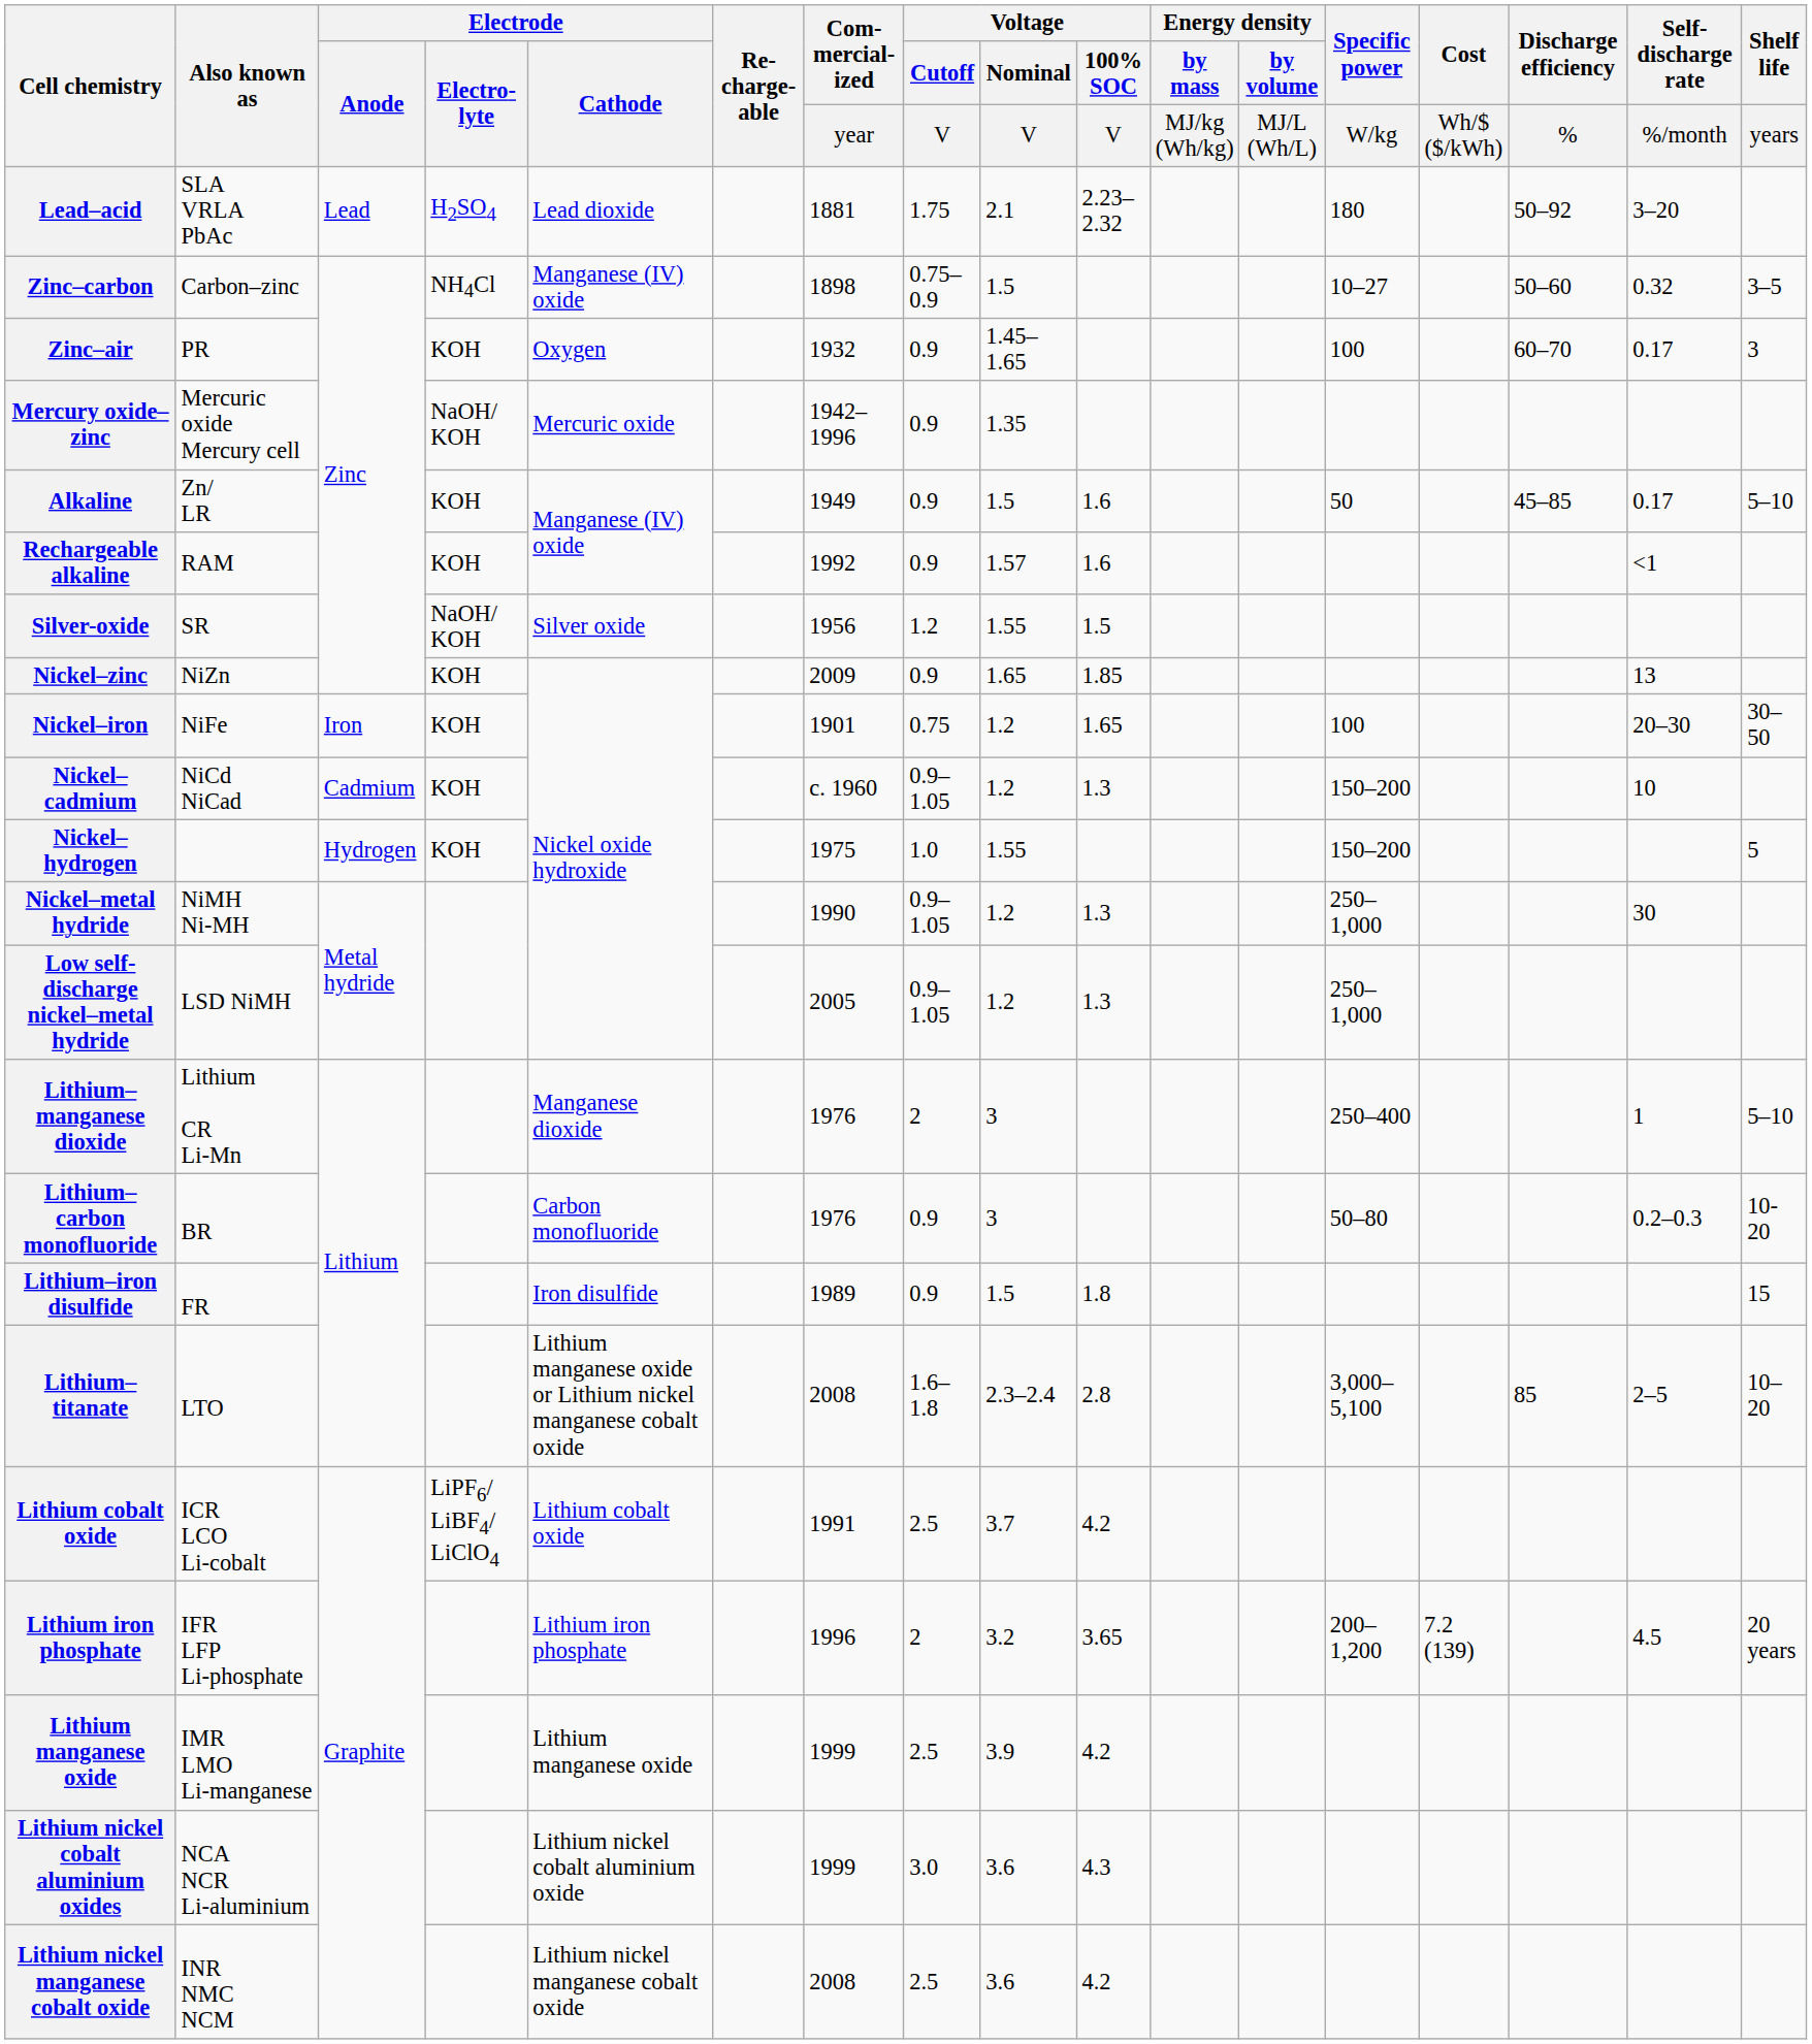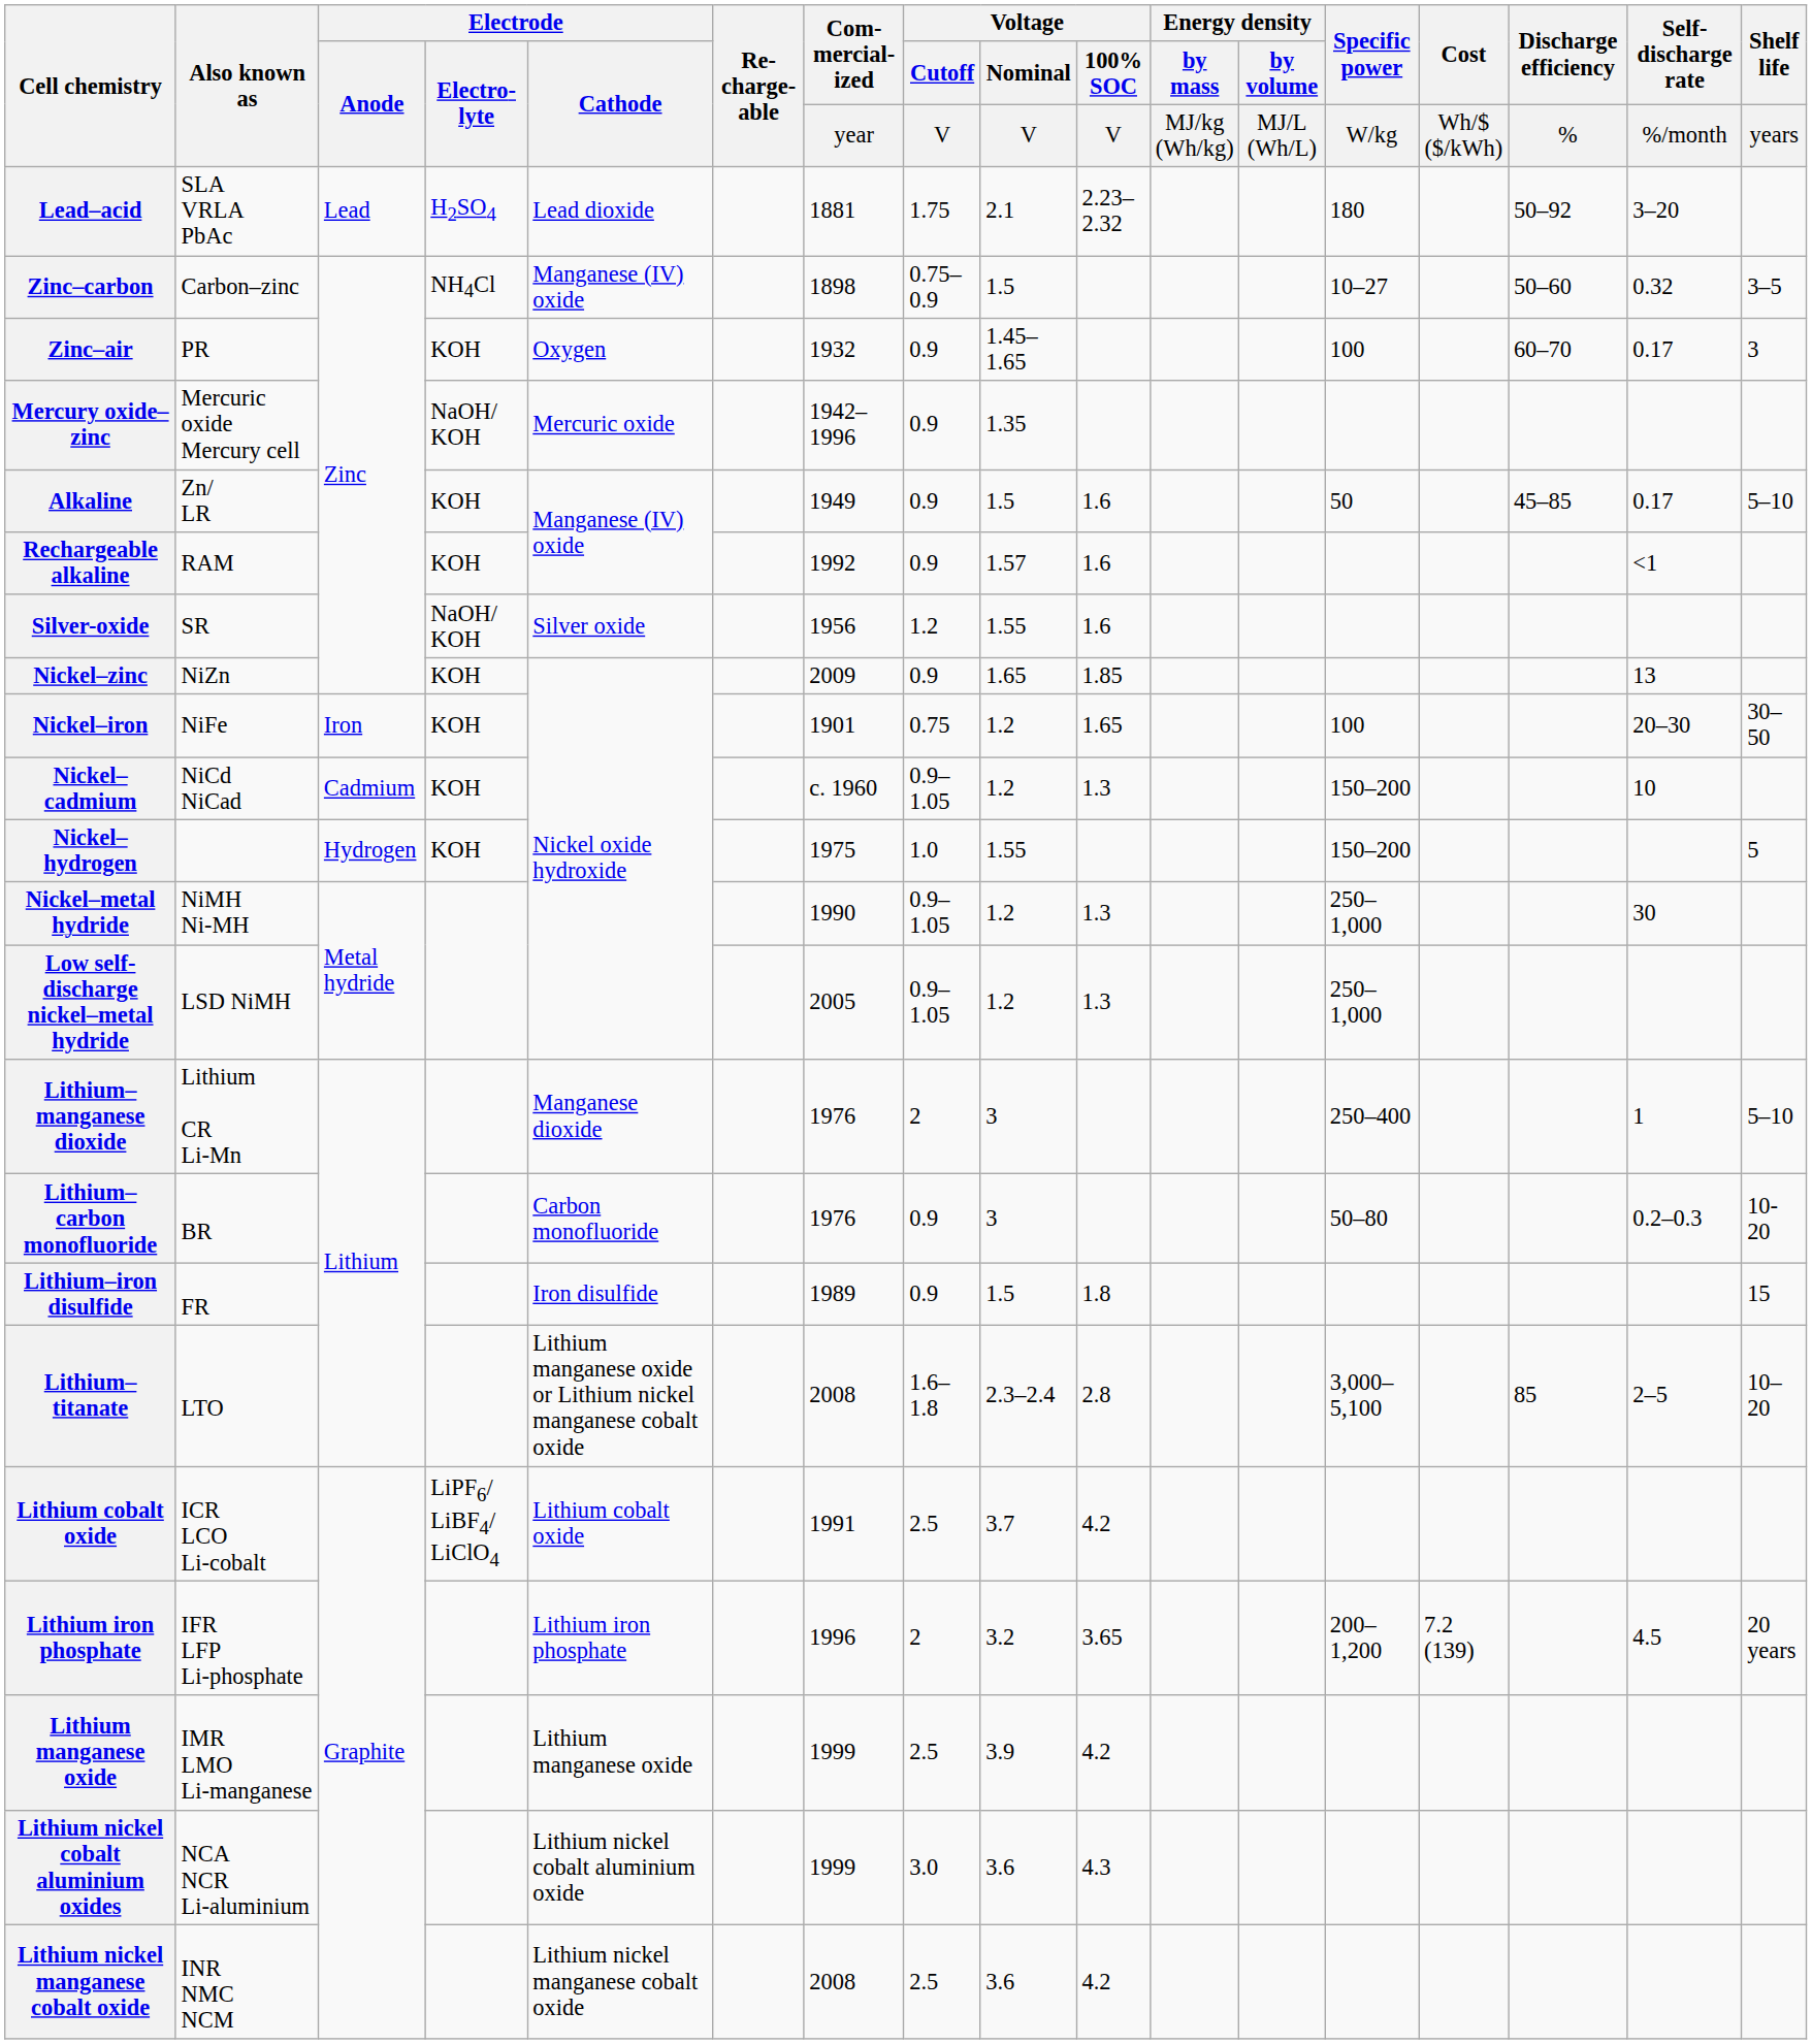 <table class="wikitable sortable sticky-header-multi">
 <tr>
 <th rowspan="3">Cell chemistry</th>
 <th rowspan="3">Also known as</th>
 <th colspan="3"><a href='#'>Electrode</a></th>
 <th rowspan="3">Re­charge­able</th>
 <th rowspan="2">Com­mercial­ized</th>
 <th colspan="3">Voltage</th>
 <th colspan="2">Energy density</th>
 <th rowspan="2"><a href='#'>Specific power</a></th>
 <th rowspan="2">Cost</th>
 <th rowspan="2">Discharge efficiency</th>
 <th rowspan="2">Self-discharge rate</th>
 <th rowspan="2">Shelf life</th>
 </tr>
 <tr>
 <th rowspan="2"><a href='#'>Anode</a></th>
 <th rowspan="2"><a href='#'>Electro­lyte</a></th>
 <th rowspan="2"><a href='#'>Cathode</a></th>
 <th><a href='#'>Cutoff</a></th>
 <th>Nominal</th>
 <th>100% <a href='#'>SOC</a></th>
 <th><a href='#'>by mass</a></th>
 <th><a href='#'>by volume</a></th>
 </tr>
 <tr>
 <th style="font-weight: normal" data-sort-type="numeric">year</th>
 <th style="font-weight: normal" data-sort-type="numeric">V</th>
 <th style="font-weight: normal" data-sort-type="numeric">V</th>
 <th style="font-weight: normal" data-sort-type="numeric">V</th>
 <th style="font-weight: normal" data-sort-type="numeric">MJ/kg <br> (Wh/kg)</th>
 <th style="font-weight: normal" data-sort-type="numeric">MJ/L <br> (Wh/L)</th>
 <th style="font-weight: normal" data-sort-type="numeric">W/kg</th>
 <th style="font-weight: normal" data-sort-type="numeric">Wh/$ <br> ($/kWh)</th>
 <th style="font-weight: normal" data-sort-type="numeric">%</th>
 <th style="font-weight: normal" data-sort-type="numeric">%/month</th>
 <th style="font-weight: normal" data-sort-type="numeric">years</th>
 </tr>
 <tr>
 <th><a href='#'>Lead–acid</a></th>
 <td>SLA<br>VRLA<br>PbAc</td>
 <td><a href='#'>Lead</a></td>
 <td><a href='#'>H<sub>2</sub>SO<sub>4</sub></a></td>
 <td><a href='#'>Lead dioxide</a></td>
 <td></td>
 <td>1881</td>
 <td>1.75</td>
 <td>2.1</td>
 <td>2.23–2.32</td>
 <td></td>
 <td></td>
 <td>180</td>
 <td></td>
 <td>50–92</td>
 <td>3–20</td>
 <td></td>
 </tr>
 <tr>
 <th><a href='#'>Zinc–carbon</a></th>
 <td>Carbon–zinc</td>
 <td rowspan="7"><a href='#'>Zinc</a></td>
 <td>NH<sub>4</sub>Cl</td>
 <td><a href='#'>Manganese (IV) oxide</a></td>
 <td></td>
 <td>1898</td>
 <td>0.75–0.9</td>
 <td>1.5</td>
 <td></td>
 <td></td>
 <td></td>
 <td>10–27</td>
 <td></td>
 <td>50–60</td>
 <td>0.32</td>
 <td>3–5</td>
 </tr>
 <tr>
 <th><a href='#'>Zinc–air</a></th>
 <td>PR</td>
 <td>KOH</td>
 <td><a href='#'>Oxygen</a></td>
 <td></td>
 <td>1932</td>
 <td>0.9</td>
 <td>1.45–1.65</td>
 <td></td>
 <td></td>
 <td></td>
 <td>100</td>
 <td></td>
 <td>60–70</td>
 <td>0.17</td>
 <td>3</td>
 </tr>
 <tr>
 <th><a href='#'>Mercury oxide–zinc</a></th>
 <td>Mercuric oxide<br>Mercury cell</td>
 <td>NaOH/ KOH</td>
 <td><a href='#'>Mercuric oxide</a></td>
 <td></td>
 <td>1942– 1996</td>
 <td>0.9</td>
 <td>1.35</td>
 <td></td>
 <td></td>
 <td></td>
 <td></td>
 <td></td>
 <td></td>
 <td></td>
 <td></td>
 </tr>
 <tr>
 <th><a href='#'>Alkaline</a></th>
 <td>Zn/<br>LR</td>
 <td>KOH</td>
 <td rowspan="2"><a href='#'>Manganese (IV) oxide</a></td>
 <td></td>
 <td>1949</td>
 <td>0.9</td>
 <td>1.5</td>
 <td>1.6</td>
 <td></td>
 <td></td>
 <td>50</td>
 <td></td>
 <td>45–85</td>
 <td>0.17</td>
 <td>5–10</td>
 </tr>
 <tr>
 <th><a href='#'>Rechargeable alkaline</a></th>
 <td>RAM</td>
 <td>KOH</td>
 <td></td>
 <td>1992</td>
 <td>0.9</td>
 <td>1.57</td>
 <td>1.6</td>
 <td></td>
 <td></td>
 <td></td>
 <td></td>
 <td></td>
 <td> <1</td>
 <td></td>
 </tr>
 <tr>
 <th><a href='#'>Silver-oxide</a></th>
 <td>SR</td>
 <td>NaOH/ KOH</td>
 <td><a href='#'>Silver oxide</a></td>
 <td></td>
 <td>1956</td>
 <td>1.2</td>
 <td>1.55</td>
-<td>1.5</td>
+<td>1.6</td>
 <td></td>
 <td></td>
 <td></td>
 <td></td>
 <td></td>
 <td></td>
 <td></td>
 </tr>
 <tr>
 <th><a href='#'>Nickel–zinc</a></th>
 <td>NiZn</td>
 <td>KOH</td>
 <td rowspan="6"><a href='#'>Nickel oxide hydroxide</a></td>
 <td></td>
 <td>2009</td>
 <td>0.9</td>
 <td>1.65</td>
 <td>1.85</td>
 <td></td>
 <td></td>
 <td></td>
 <td></td>
 <td></td>
 <td>13</td>
 <td></td>
 </tr>
 <tr>
 <th><a href='#'>Nickel–iron</a></th>
 <td>NiFe</td>
 <td><a href='#'>Iron</a></td>
 <td>KOH</td>
 <td></td>
 <td>1901</td>
 <td>0.75</td>
 <td>1.2</td>
 <td>1.65</td>
 <td></td>
 <td></td>
 <td>100</td>
 <td></td>
 <td></td>
 <td>20–30</td>
 <td>30– 50</td>
 </tr>
 <tr>
 <th><a href='#'>Nickel–cadmium</a></th>
 <td>NiCd<br>NiCad</td>
 <td><a href='#'>Cadmium</a></td>
 <td>KOH</td>
 <td></td>
 <td>c. 1960</td>
 <td>0.9–1.05</td>
 <td>1.2</td>
 <td>1.3</td>
 <td></td>
 <td></td>
 <td>150–200</td>
 <td></td>
 <td></td>
 <td>10</td>
 <td></td>
 </tr>
 <tr>
 <th><a href='#'>Nickel–hydrogen</a></th>
 <td><br></td>
 <td><a href='#'>Hydrogen</a></td>
 <td>KOH</td>
 <td></td>
 <td>1975</td>
 <td>1.0</td>
 <td>1.55</td>
 <td></td>
 <td></td>
 <td></td>
 <td>150–200</td>
 <td></td>
 <td></td>
 <td></td>
 <td>5</td>
 </tr>
 <tr>
 <th><a href='#'>Nickel–metal hydride</a></th>
 <td>NiMH<br>Ni-MH</td>
 <td rowspan="2"><a href='#'>Metal hydride</a></td>
 <td rowspan="2"></td>
 <td></td>
 <td>1990</td>
 <td>0.9–1.05</td>
 <td>1.2</td>
 <td>1.3</td>
 <td></td>
 <td></td>
 <td>250–1,000</td>
 <td></td>
 <td></td>
 <td>30</td>
 </tr>
 <tr>
 <th><a href='#'>Low self-discharge nickel–metal hydride</a></th>
 <td>LSD NiMH</td>
 <td></td>
 <td>2005</td>
 <td>0.9–1.05</td>
 <td>1.2</td>
 <td>1.3</td>
 <td></td>
 <td></td>
 <td>250–1,000</td>
 <td></td>
 <td></td>
 <td></td>
 <td></td>
 </tr>
 <tr>
 <th><a href='#'>Lithium–manganese dioxide</a></th>
 <td>Lithium<br><br>CR<br>Li-Mn</td>
 <td rowspan="4"><a href='#'>Lithium</a></td>
 <td></td>
 <td><a href='#'>Manganese dioxide</a></td>
 <td></td>
 <td>1976</td>
 <td>2</td>
 <td>3</td>
 <td></td>
 <td></td>
 <td></td>
 <td>250–400</td>
 <td></td>
 <td></td>
 <td>1</td>
 <td>5–10</td>
 </tr>
 <tr>
 <th><a href='#'>Lithium–carbon monofluoride</a></th>
 <td><br>BR</td>
 <td></td>
 <td><a href='#'>Carbon monofluoride</a></td>
 <td></td>
 <td>1976</td>
 <td>0.9</td>
 <td>3</td>
 <td></td>
 <td></td>
 <td></td>
 <td>50–80</td>
 <td></td>
 <td></td>
 <td>0.2–0.3</td>
 <td>10-20</td>
 </tr>
 <tr>
 <th><a href='#'>Lithium–iron disulfide</a></th>
 <td><br>FR</td>
 <td></td>
 <td><a href='#'>Iron disulfide</a></td>
 <td></td>
 <td>1989</td>
 <td>0.9</td>
 <td>1.5</td>
 <td>1.8</td>
 <td></td>
 <td></td>
 <td></td>
 <td></td>
 <td></td>
 <td></td>
 <td>15</td>
 </tr>
 <tr>
 <th><a href='#'>Lithium–titanate</a></th>
 <td><br>LTO<br></td>
 <td></td>
 <td>Lithium manganese oxide or Lithium nickel manganese cobalt oxide</td>
 <td></td>
 <td>2008</td>
 <td>1.6–1.8</td>
 <td>2.3–2.4</td>
 <td>2.8</td>
 <td></td>
 <td></td>
 <td>3,000– 5,100</td>
 <td></td>
 <td>85</td>
 <td>2–5</td>
 <td>10–20</td>
 </tr>
 <tr>
 <th><a href='#'>Lithium cobalt oxide</a></th>
 <td><br>ICR<br>LCO<br>Li‑cobalt</td>
 <td rowspan="5"><a href='#'>Graphite</a></td>
 <td>LiPF<sub>6</sub>/ LiBF<sub>4</sub>/ LiClO<sub>4</sub></td>
 <td><a href='#'>Lithium cobalt oxide</a></td>
 <td></td>
 <td>1991</td>
 <td>2.5</td>
 <td>3.7</td>
 <td>4.2</td>
 <td></td>
 <td></td>
 <td></td>
 <td></td>
 <td></td>
 <td></td>
 <td></td>
 </tr>
 <tr>
 <th><a href='#'>Lithium iron phosphate</a></th>
 <td><br>IFR<br>LFP<br>Li‑phosphate</td>
 <td></td>
 <td><a href='#'>Lithium iron phosphate</a></td>
 <td></td>
 <td>1996</td>
 <td>2</td>
 <td>3.2</td>
 <td>3.65</td>
 <td> </td>
 <td></td>
 <td>200–1,200</td>
 <td>7.2 (139)</td>
 <td></td>
 <td>4.5</td>
 <td>20 years</td>
 </tr>
 <tr>
 <th><a href='#'>Lithium manganese oxide</a></th>
 <td><br>IMR<br>LMO<br>Li‑manganese</td>
 <td></td>
 <td>Lithium manganese oxide</td>
 <td></td>
 <td>1999</td>
 <td>2.5</td>
 <td>3.9</td>
 <td>4.2</td>
 <td></td>
 <td></td>
 <td></td>
 <td></td>
 <td></td>
 <td></td>
 <td></td>
 </tr>
 <tr>
 <th><a href='#'>Lithium nickel cobalt aluminium oxides</a></th>
 <td><br>NCA<br>NCR<br>Li‑aluminium</td>
 <td></td>
 <td>Lithium nickel cobalt aluminium oxide</td>
 <td></td>
 <td>1999</td>
 <td>3.0</td>
 <td>3.6</td>
 <td>4.3</td>
 <td></td>
 <td></td>
 <td></td>
 <td></td>
 <td></td>
 <td></td>
 <td></td>
 </tr>
 <tr>
 <th><a href='#'>Lithium nickel manganese cobalt oxide</a></th>
 <td><br>INR<br>NMC<br>NCM</td>
 <td></td>
 <td>Lithium nickel manganese cobalt oxide</td>
 <td></td>
 <td>2008</td>
 <td>2.5</td>
 <td>3.6</td>
 <td>4.2</td>
 <td></td>
 <td></td>
 <td></td>
 <td></td>
 <td></td>
 <td></td>
 <td></td>
 </tr>
 </table>
